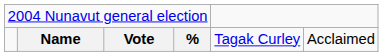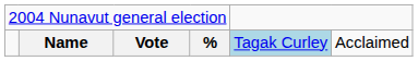 <table class="wikitable">
 <tr>
 <td colspan=4 align=center><a href='#'>2004 Nunavut general election</a></td>
 </tr>
 <tr>
 <td></td>
 <th><strong>Name </strong></th>
 <th><strong>Vote</strong></th>
 <th><strong>%</strong><br></th>
-<td><a href='#'>Tagak Curley</a></td>
+<td style="background: lightblue;"><a href='#'>Tagak Curley</a></td>
 <td colspan="2" align=center>Acclaimed</td>
 </tr>
 </table>
